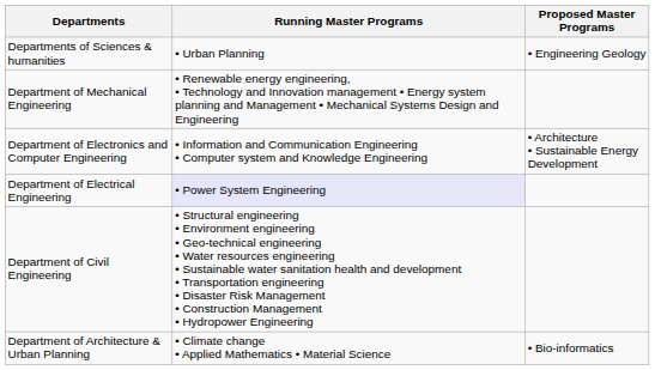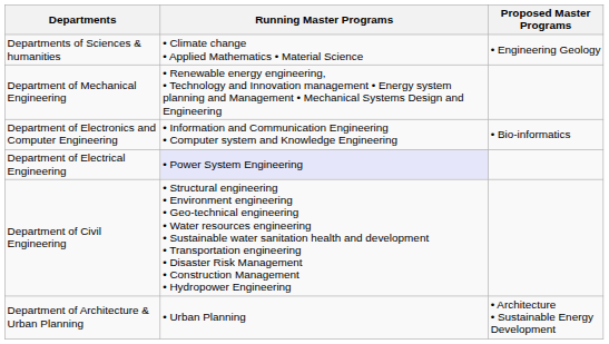 <table class="wikitable">
 <tr>
 <th colspan="1" rowspan="1">Departments</th>
 <th colspan="1" rowspan="1">Running Master Programs</th>
 <th colspan="1" rowspan="1">Proposed Master Programs</th>
 </tr>
 <tr>
 <td>Departments of Sciences & humanities</td>
-<td>• Urban Planning</td>
+<td>• Climate change<br>• Applied Mathematics • Material Science</td>
 <td>• Engineering Geology</td>
 </tr>
 <tr>
 <td>Department of Mechanical Engineering</td>
 <td>• Renewable energy engineering,<br>• Technology and Innovation management  • Energy system planning and Management • Mechanical Systems Design and Engineering</td>
 <td></td>
 </tr>
 <tr>
 <td>Department of Electronics and Computer Engineering</td>
 <td>• Information and Communication Engineering<br>• Computer system and Knowledge Engineering</td>
-<td>• Architecture<br>• Sustainable Energy Development</td>
+<td>• Bio-informatics</td>
 </tr>
 <tr>
 <td>Department of Electrical Engineering</td>
 <td style="background: lavender;">• Power System Engineering</td>
 <td></td>
 </tr>
 <tr>
 <td>Department of Civil Engineering</td>
 <td>• Structural engineering<br>• Environment engineering<br>• Geo-technical engineering<br>• Water resources engineering<br>• Sustainable water sanitation health and development<br>• Transportation engineering<br>• Disaster Risk Management<br>• Construction Management<br>• Hydropower Engineering</td>
 </tr>
 <tr>
 <td>Department of Architecture & Urban Planning</td>
-<td>• Climate change<br>• Applied Mathematics • Material Science</td>
-<td>• Bio-informatics</td>
+<td>• Urban Planning</td>
+<td>• Architecture<br>• Sustainable Energy Development</td>
 </tr>
 </table>
